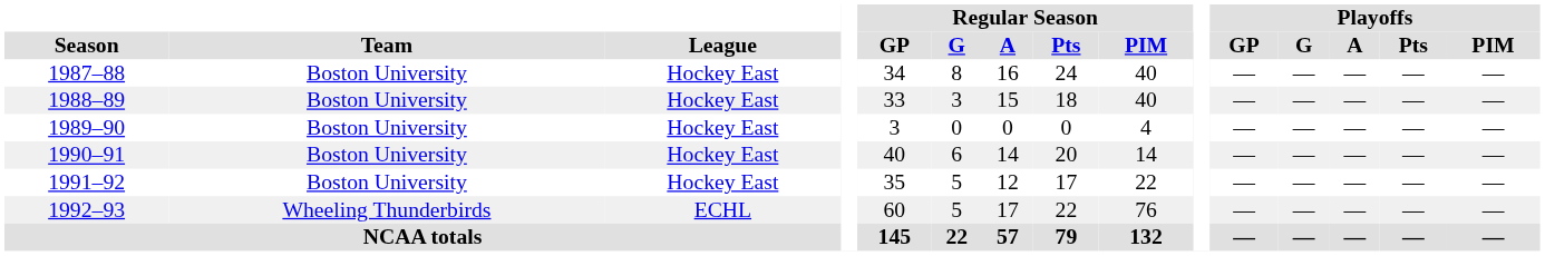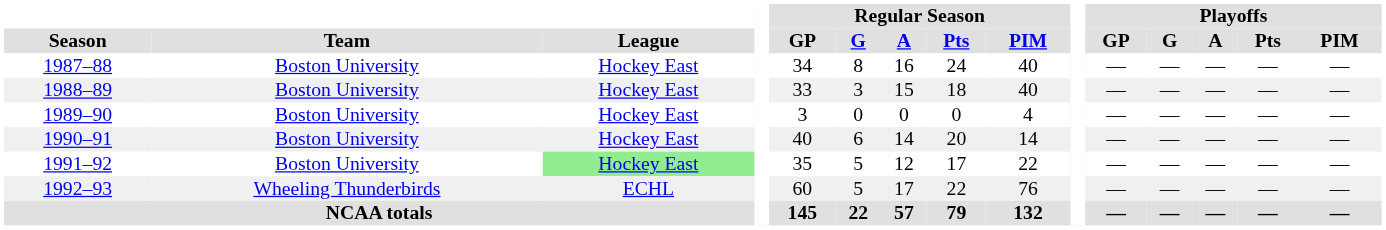 <table border="0" cellpadding="1" cellspacing="0" style="text-align:center; width:70em">
 <tr bgcolor="#e0e0e0">
 <th colspan="3"  bgcolor="#ffffff"> </th>
 <th rowspan="99" bgcolor="#ffffff"> </th>
 <th colspan="5">Regular Season</th>
 <th rowspan="99" bgcolor="#ffffff"> </th>
 <th colspan="5">Playoffs</th>
 </tr>
 <tr bgcolor="#e0e0e0">
 <th>Season</th>
 <th>Team</th>
 <th>League</th>
 <th>GP</th>
 <th><a href='#'>G</a></th>
 <th><a href='#'>A</a></th>
 <th><a href='#'>Pts</a></th>
 <th><a href='#'>PIM</a></th>
 <th>GP</th>
 <th>G</th>
 <th>A</th>
 <th>Pts</th>
 <th>PIM</th>
 </tr>
 <tr>
 <td><a href='#'>1987–88</a></td>
 <td><a href='#'>Boston University</a></td>
 <td><a href='#'>Hockey East</a></td>
 <td>34</td>
 <td>8</td>
 <td>16</td>
 <td>24</td>
 <td>40</td>
 <td>—</td>
 <td>—</td>
 <td>—</td>
 <td>—</td>
 <td>—</td>
 </tr>
 <tr bgcolor="f0f0f0">
 <td><a href='#'>1988–89</a></td>
 <td><a href='#'>Boston University</a></td>
 <td><a href='#'>Hockey East</a></td>
 <td>33</td>
 <td>3</td>
 <td>15</td>
 <td>18</td>
 <td>40</td>
 <td>—</td>
 <td>—</td>
 <td>—</td>
 <td>—</td>
 <td>—</td>
 </tr>
 <tr>
 <td><a href='#'>1989–90</a></td>
 <td><a href='#'>Boston University</a></td>
 <td><a href='#'>Hockey East</a></td>
 <td>3</td>
 <td>0</td>
 <td>0</td>
 <td>0</td>
 <td>4</td>
 <td>—</td>
 <td>—</td>
 <td>—</td>
 <td>—</td>
 <td>—</td>
 </tr>
 <tr bgcolor="f0f0f0">
 <td><a href='#'>1990–91</a></td>
 <td><a href='#'>Boston University</a></td>
 <td><a href='#'>Hockey East</a></td>
 <td>40</td>
 <td>6</td>
 <td>14</td>
 <td>20</td>
 <td>14</td>
 <td>—</td>
 <td>—</td>
 <td>—</td>
 <td>—</td>
 <td>—</td>
 </tr>
 <tr>
 <td><a href='#'>1991–92</a></td>
 <td><a href='#'>Boston University</a></td>
-<td><a href='#'>Hockey East</a></td>
+<td style="background: lightgreen;"><a href='#'>Hockey East</a></td>
 <td>35</td>
 <td>5</td>
 <td>12</td>
 <td>17</td>
 <td>22</td>
 <td>—</td>
 <td>—</td>
 <td>—</td>
 <td>—</td>
 <td>—</td>
 </tr>
 <tr bgcolor="f0f0f0">
 <td><a href='#'>1992–93</a></td>
 <td><a href='#'>Wheeling Thunderbirds</a></td>
 <td><a href='#'>ECHL</a></td>
 <td>60</td>
 <td>5</td>
 <td>17</td>
 <td>22</td>
 <td>76</td>
 <td>—</td>
 <td>—</td>
 <td>—</td>
 <td>—</td>
 <td>—</td>
 </tr>
 <tr bgcolor="#e0e0e0">
 <th colspan="3">NCAA totals</th>
 <th>145</th>
 <th>22</th>
 <th>57</th>
 <th>79</th>
 <th>132</th>
 <th>—</th>
 <th>—</th>
 <th>—</th>
 <th>—</th>
 <th>—</th>
 </tr>
 </table>
